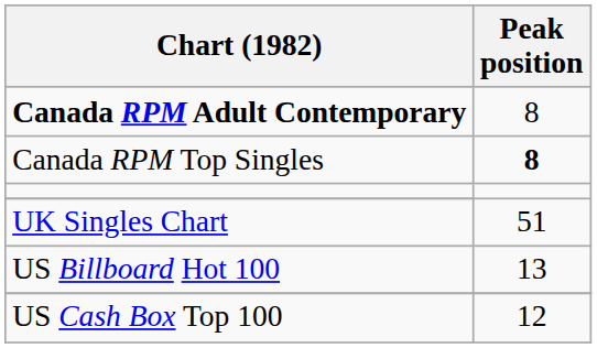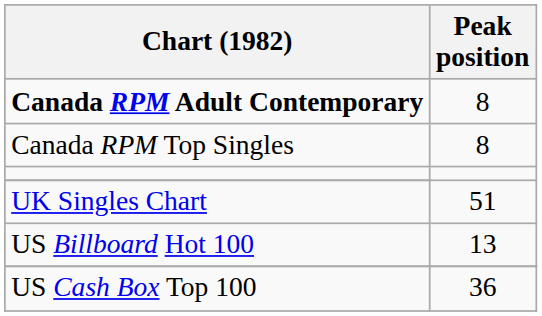 <table class="wikitable sortable">
 <tr>
 <th align="left">Chart (1982)</th>
 <th align="left">Peak<br>position</th>
 </tr>
 <tr>
 <td><strong>Canada <em><a href='#'>RPM</a></em> Adult Contemporary</strong></td>
 <td style="text-align:center;">8</td>
 </tr>
 <tr>
 <td>Canada <em>RPM</em> Top Singles</td>
-<td style="text-align:center;"><strong>8</strong></td>
+<td style="text-align:center;">8</td>
 </tr>
 <tr>
 <td></td>
 </tr>
 <tr>
 </tr>
 <tr>
 <td><a href='#'>UK Singles Chart</a></td>
 <td style="text-align:center;">51</td>
 </tr>
 <tr>
 <td>US <em><a href='#'>Billboard</a></em> <a href='#'>Hot 100</a></td>
 <td style="text-align:center;">13</td>
 </tr>
 <tr>
 </tr>
 <tr>
 <td>US <em><a href='#'>Cash Box</a></em> Top 100</td>
-<td style="text-align:center;">12</td>
+<td style="text-align:center;">36</td>
 </tr>
 </table>
